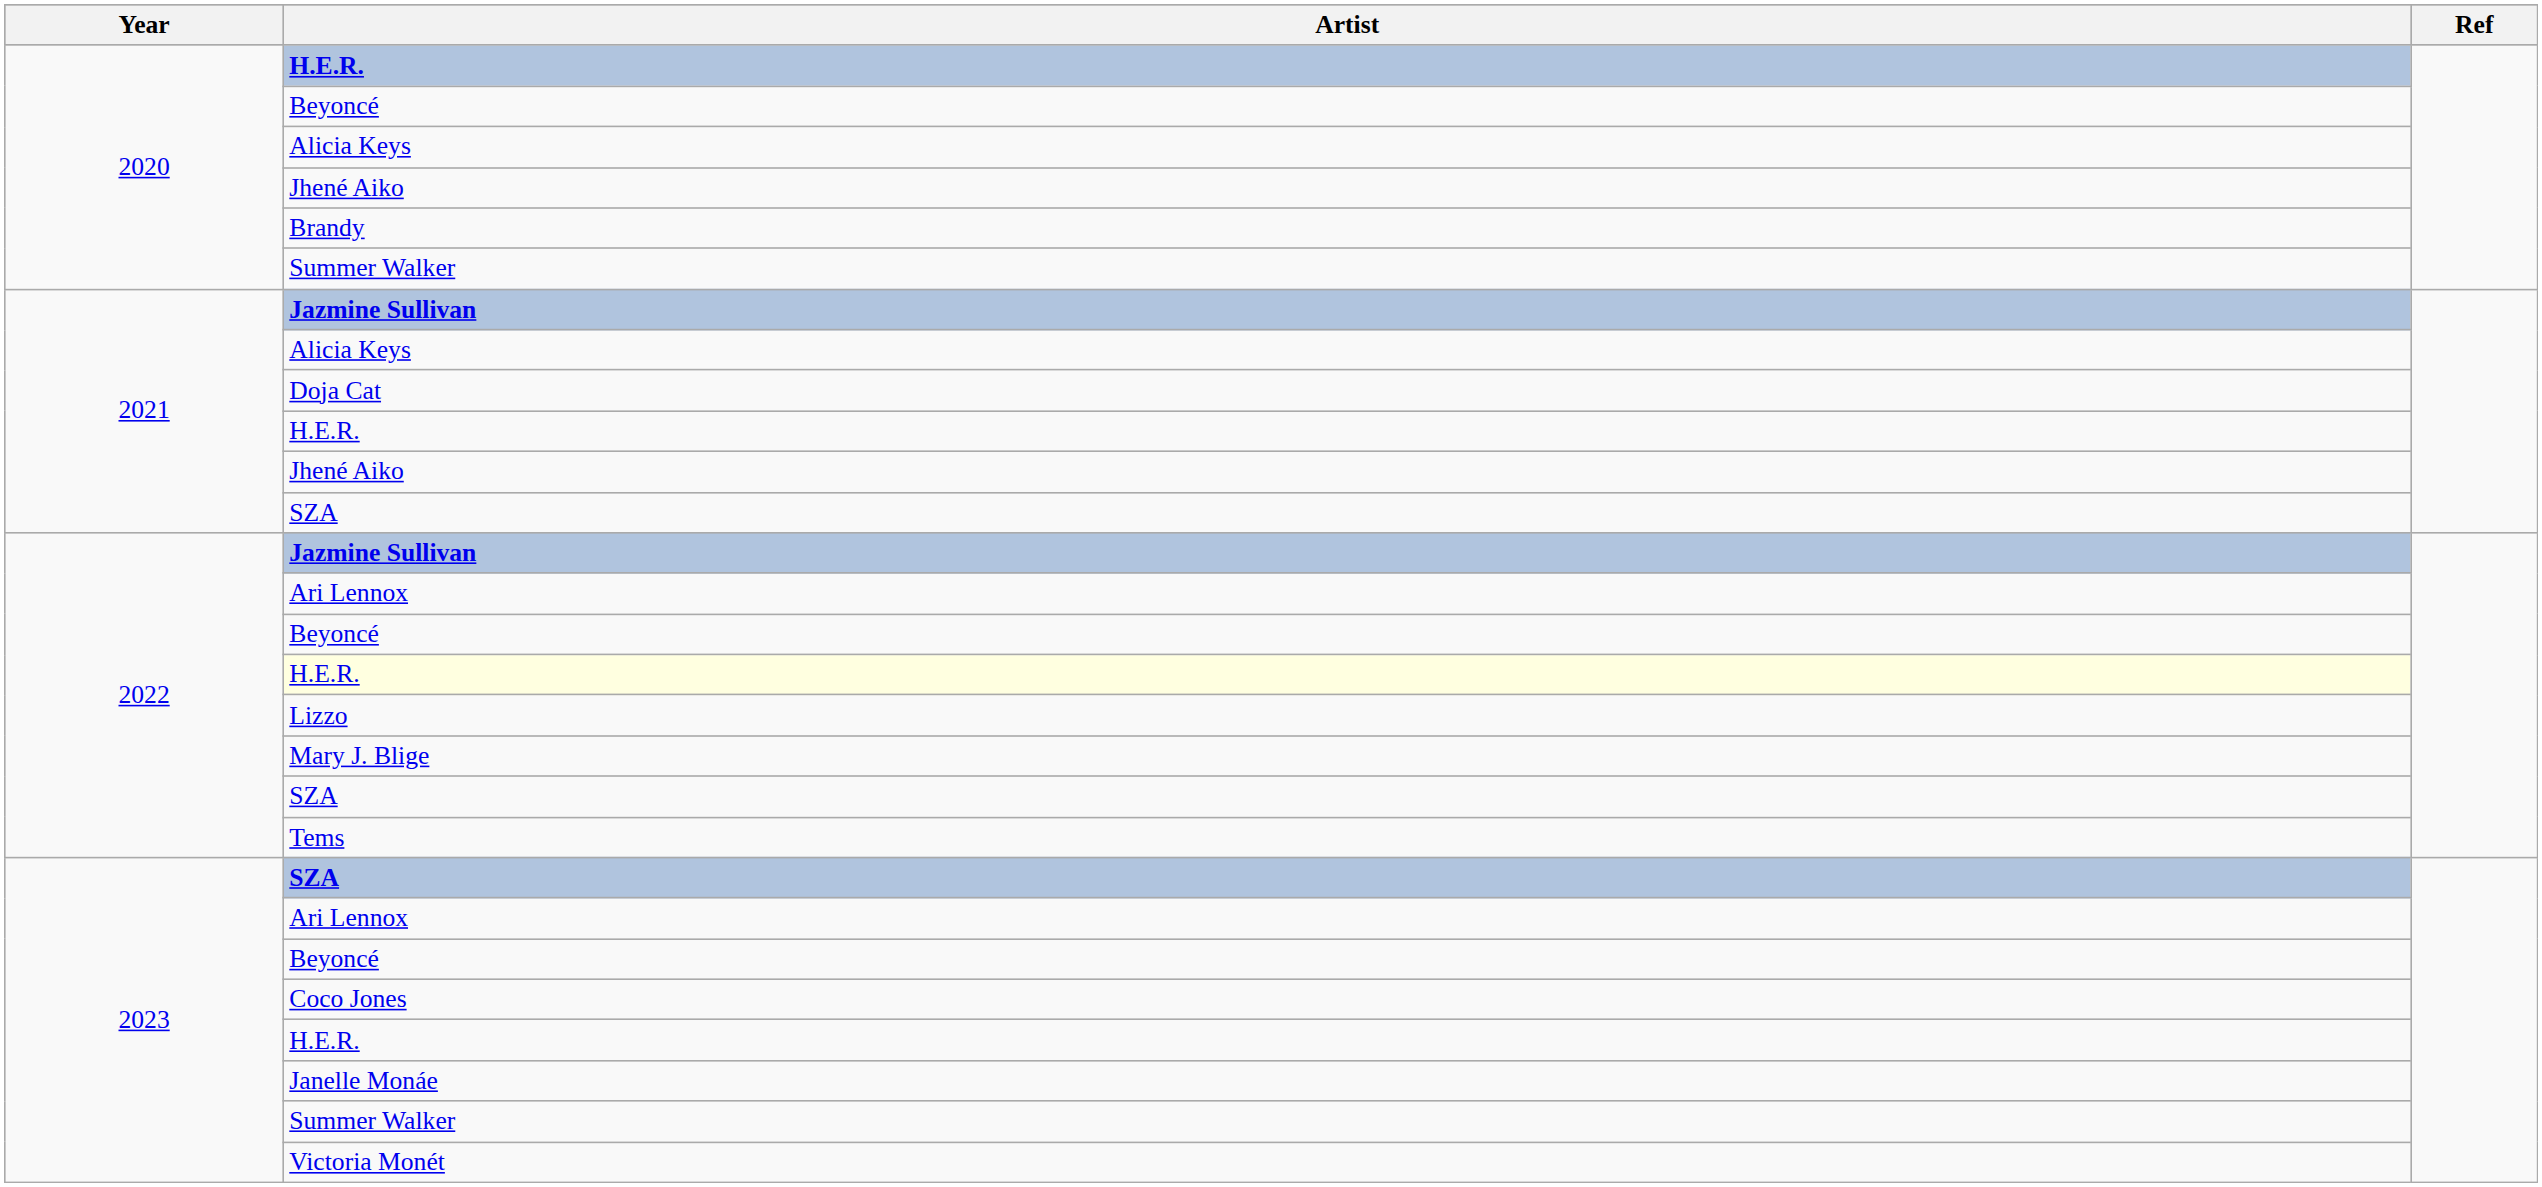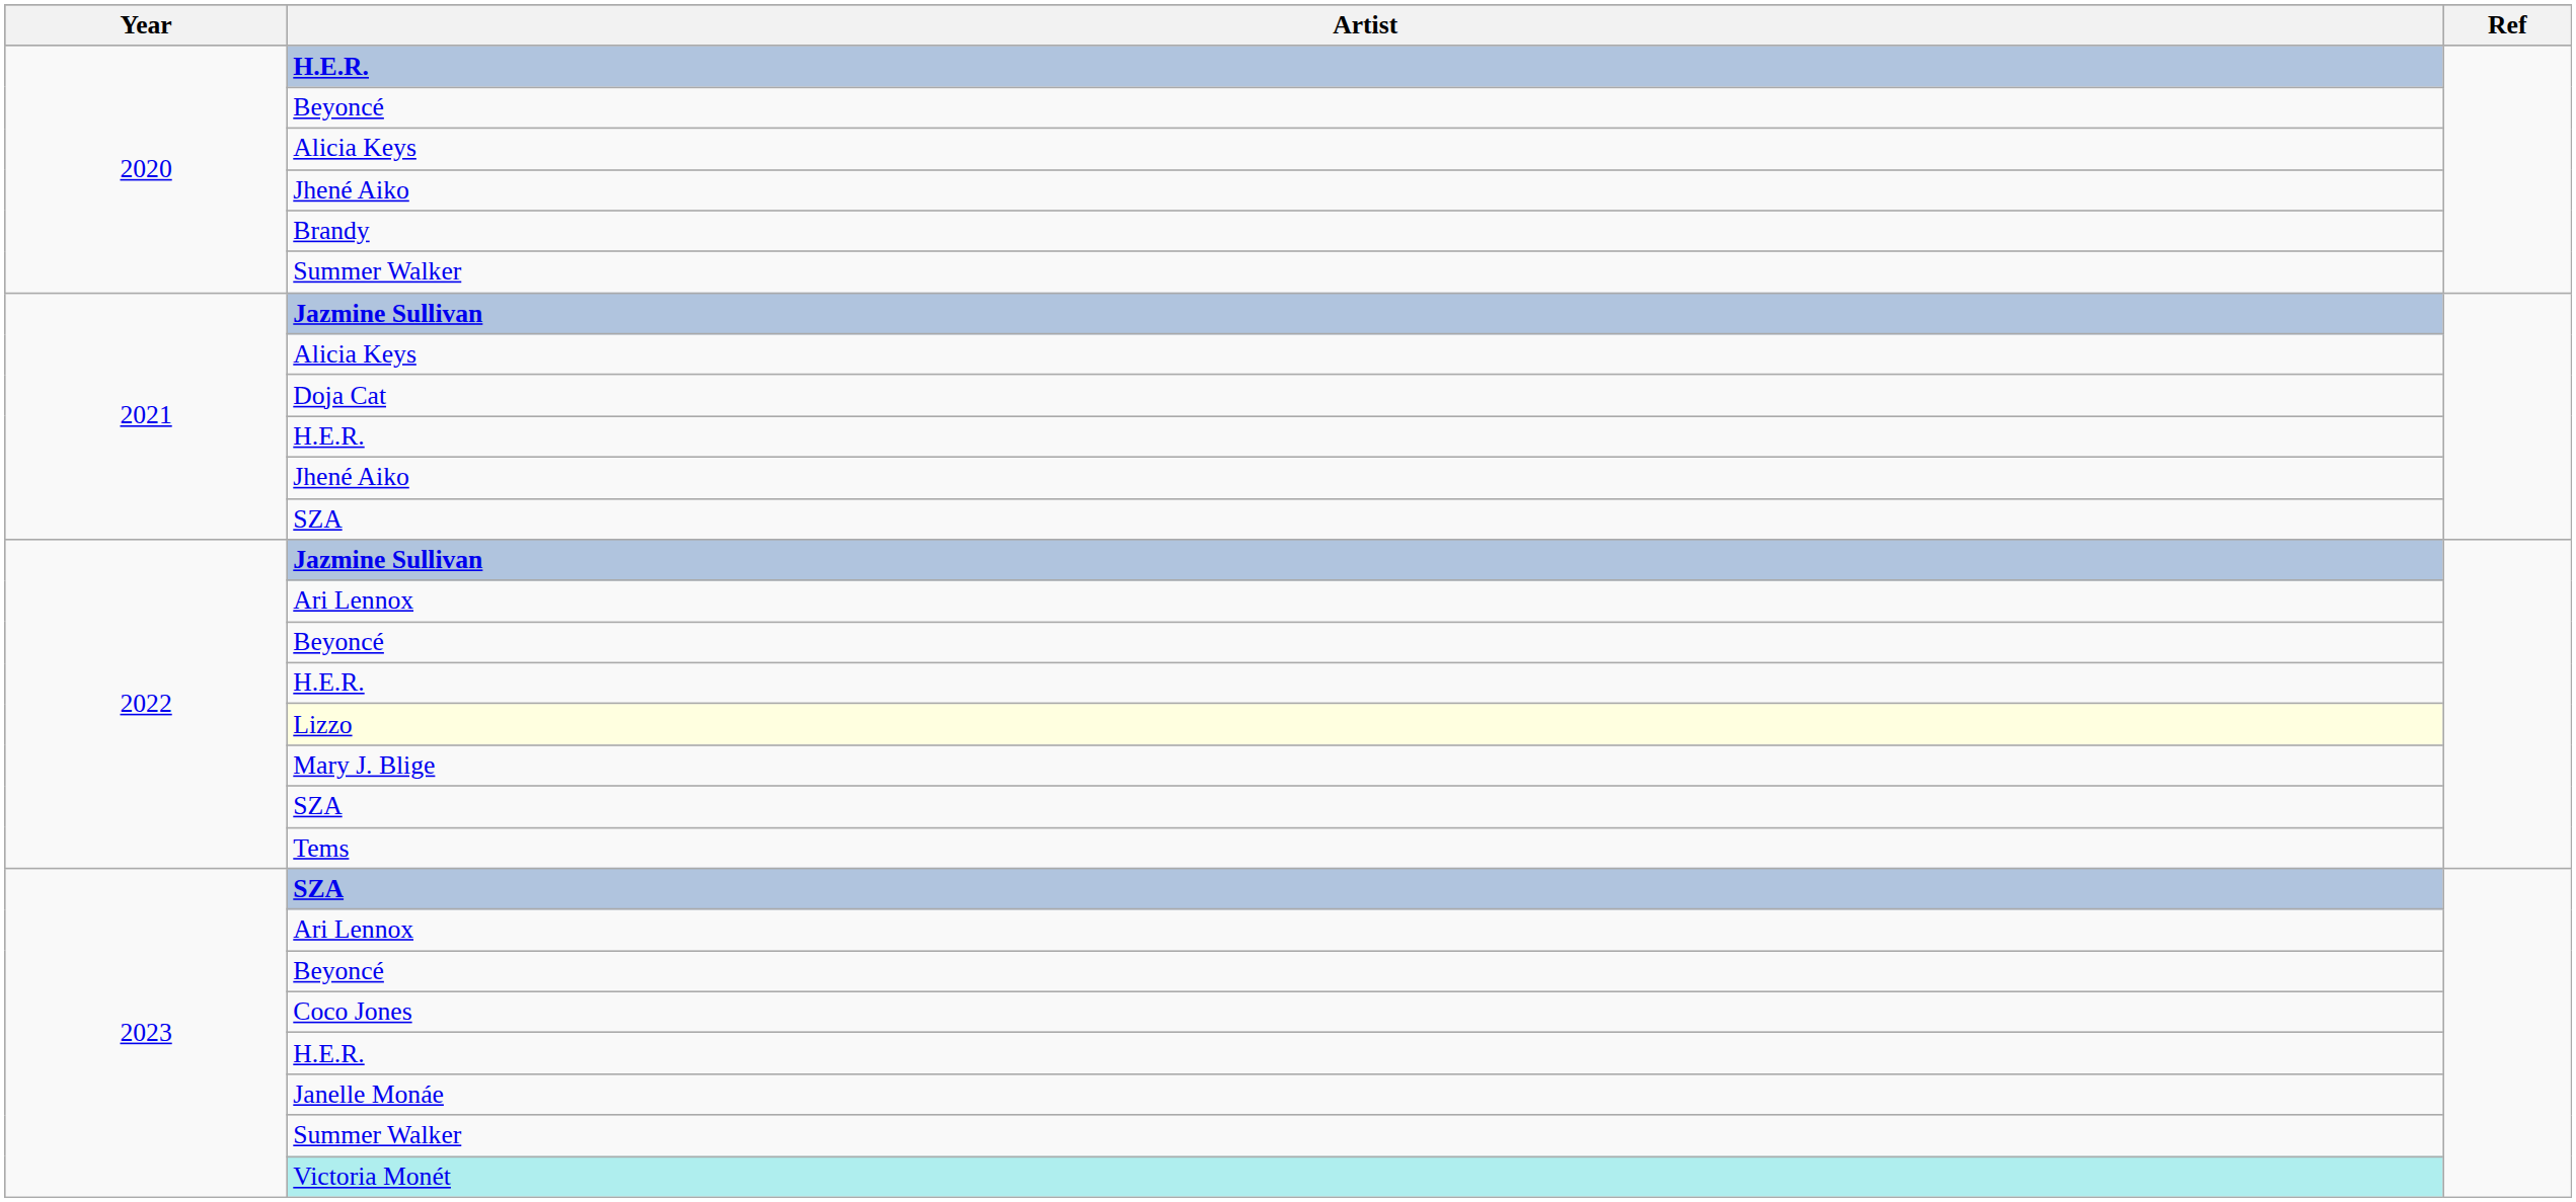 <table class="wikitable" style="width:100%;">
 <tr style="background:#bebebe;">
 <th style="width:11%;">Year</th>
 <th style="width:84%;">Artist</th>
 <th style="width:5%;">Ref</th>
 </tr>
 <tr>
 <td rowspan="6" align="center"><a href='#'>2020</a></td>
 <td style="background:#B0C4DE"><strong><a href='#'>H.E.R.</a></strong></td>
 <td rowspan="6" align="center"></td>
 </tr>
 <tr>
 <td><a href='#'>Beyoncé</a></td>
 </tr>
 <tr>
 <td><a href='#'>Alicia Keys</a></td>
 </tr>
 <tr>
 <td><a href='#'>Jhené Aiko</a></td>
 </tr>
 <tr>
 <td><a href='#'>Brandy</a></td>
 </tr>
 <tr>
 <td><a href='#'>Summer Walker</a></td>
 </tr>
 <tr>
 <td rowspan="6" align="center"><a href='#'>2021</a></td>
 <td style="background:#B0C4DE"><strong><a href='#'>Jazmine Sullivan</a></strong></td>
 <td rowspan="6" align="center"></td>
 </tr>
 <tr>
 <td><a href='#'>Alicia Keys</a></td>
 </tr>
 <tr>
 <td><a href='#'>Doja Cat</a></td>
 </tr>
 <tr>
 <td><a href='#'>H.E.R.</a></td>
 </tr>
 <tr>
 <td><a href='#'>Jhené Aiko</a></td>
 </tr>
 <tr>
 <td><a href='#'>SZA</a></td>
 </tr>
 <tr>
 <td rowspan="8" align="center"><a href='#'>2022</a></td>
 <td style="background:#B0C4DE"><strong><a href='#'>Jazmine Sullivan</a></strong></td>
 <td rowspan="8" align="center"></td>
 </tr>
 <tr>
 <td><a href='#'>Ari Lennox</a></td>
 </tr>
 <tr>
 <td><a href='#'>Beyoncé</a></td>
 </tr>
 <tr>
-<td style="background: lightyellow;"><a href='#'>H.E.R.</a></td>
+<td><a href='#'>H.E.R.</a></td>
 </tr>
 <tr>
-<td><a href='#'>Lizzo</a></td>
+<td style="background: lightyellow;"><a href='#'>Lizzo</a></td>
 </tr>
 <tr>
 <td><a href='#'>Mary J. Blige</a></td>
 </tr>
 <tr>
 <td><a href='#'>SZA</a></td>
 </tr>
 <tr>
 <td><a href='#'>Tems</a></td>
 </tr>
 <tr>
 <td rowspan="8" align="center"><a href='#'>2023</a></td>
 <td style="background:#B0C4DE"><strong><a href='#'>SZA</a></strong></td>
 <td rowspan="8" align="center"></td>
 </tr>
 <tr>
 <td><a href='#'>Ari Lennox</a></td>
 </tr>
 <tr>
 <td><a href='#'>Beyoncé</a></td>
 </tr>
 <tr>
 <td><a href='#'>Coco Jones</a></td>
 </tr>
 <tr>
 <td><a href='#'>H.E.R.</a></td>
 </tr>
 <tr>
 <td><a href='#'>Janelle Monáe</a></td>
 </tr>
 <tr>
 <td><a href='#'>Summer Walker</a></td>
 </tr>
 <tr>
-<td><a href='#'>Victoria Monét</a></td>
+<td style="background: paleturquoise;"><a href='#'>Victoria Monét</a></td>
 </tr>
 </table>
